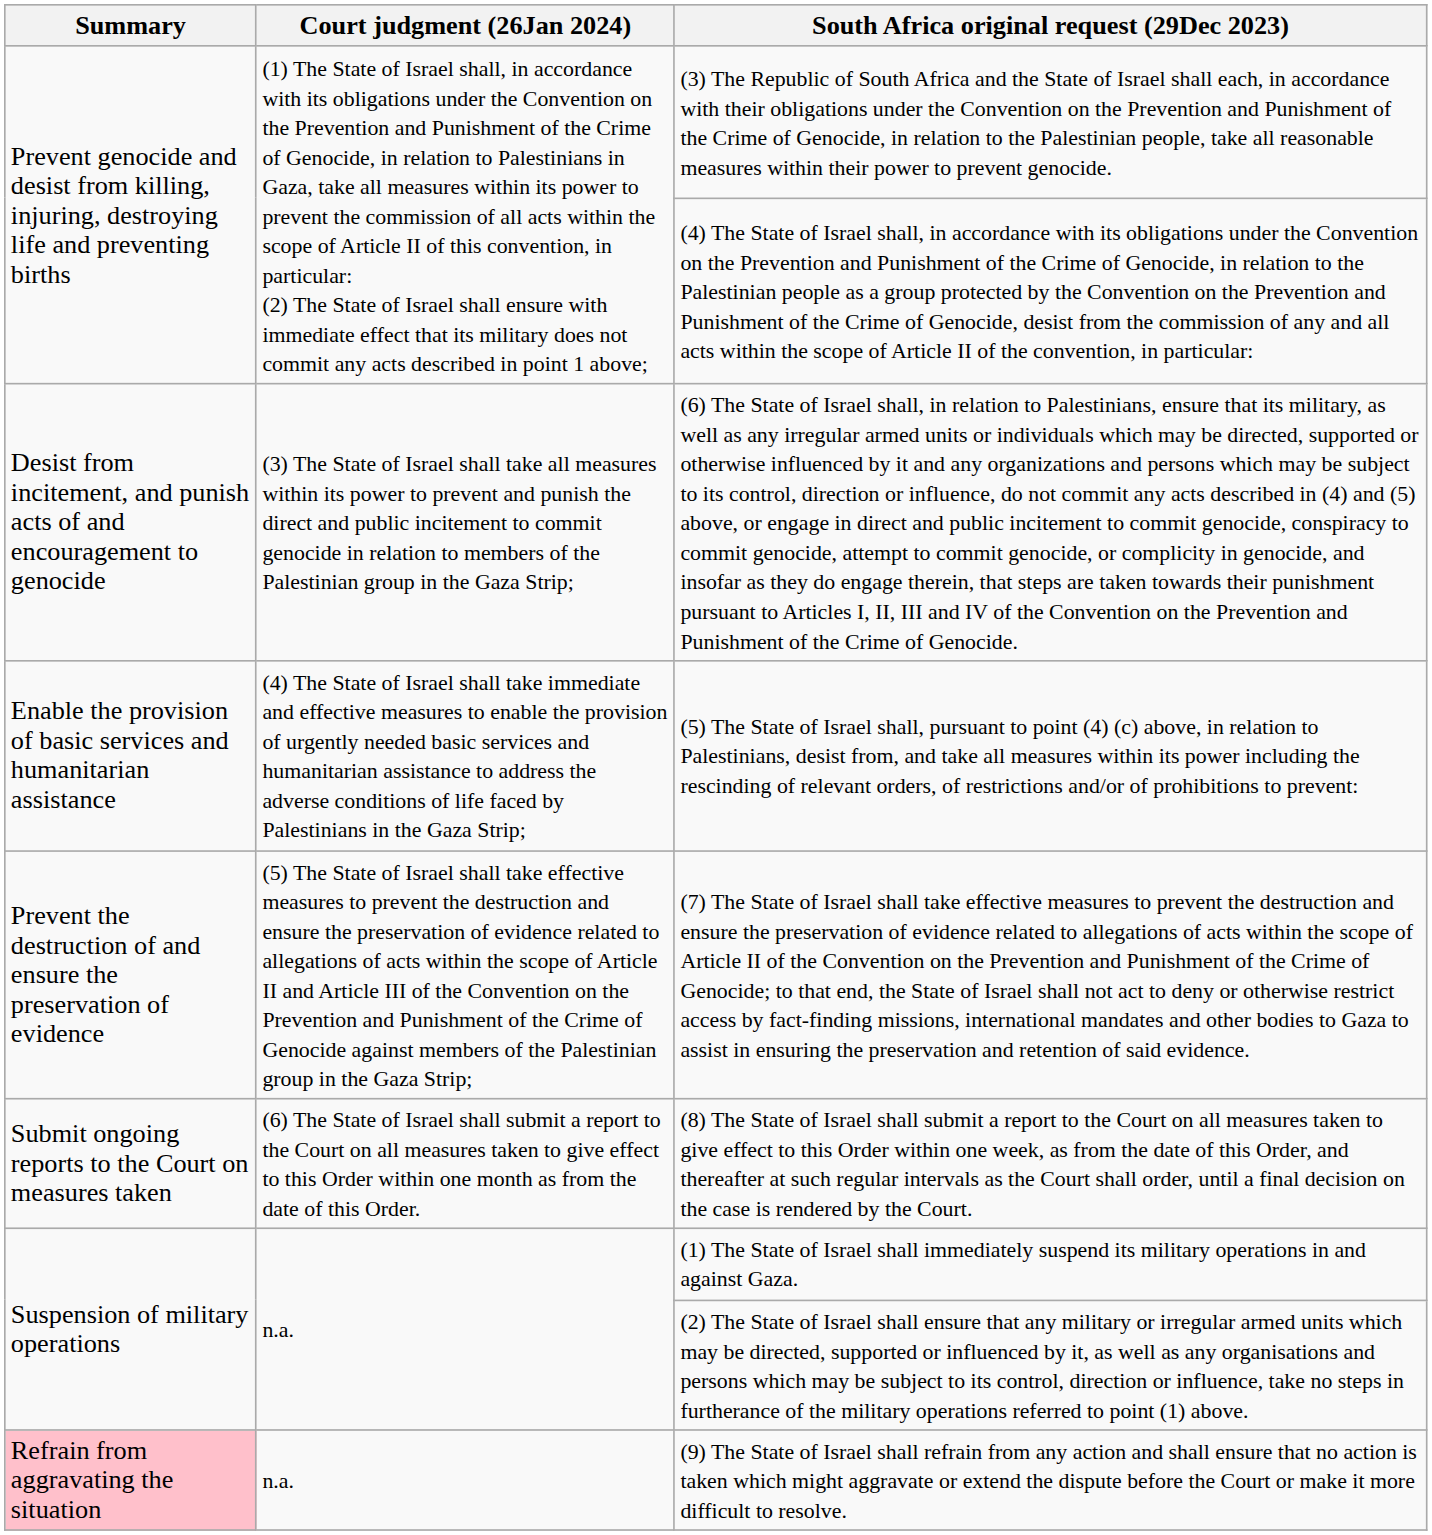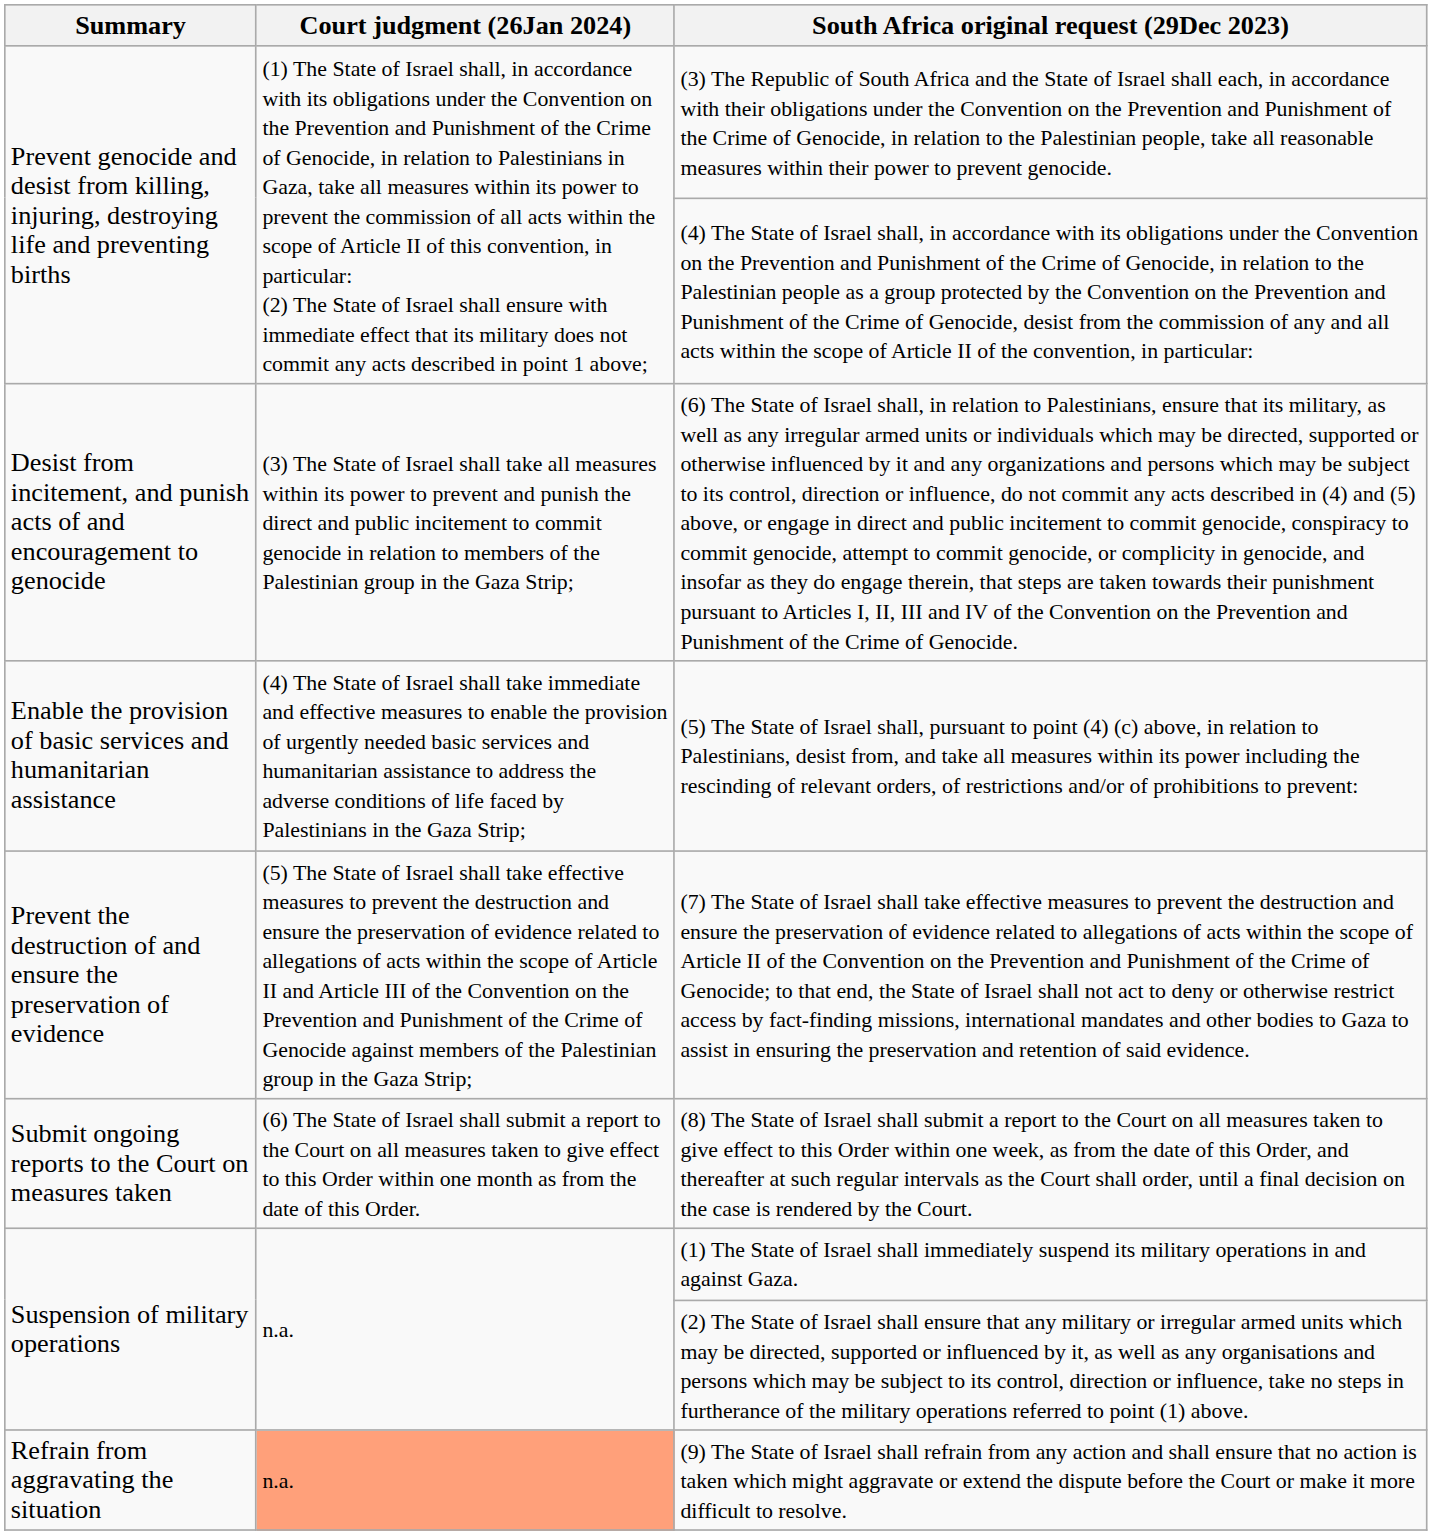 <table class="wikitable collapsible">
 <tr>
 <th>Summary</th>
 <th>Court judgment (26Jan 2024)</th>
 <th>South Africa original request (29Dec 2023)</th>
 </tr>
 <tr>
 <td rowspan="2">Prevent genocide and desist from killing, injuring, destroying life and preventing births</td>
 <td rowspan="2"><small> (1) The State of Israel shall, in accordance with its obligations under the Convention on the Prevention and Punishment of the Crime of Genocide, in relation to Palestinians in Gaza, take all measures within its power to prevent the commission of all acts within the scope of Article II of this convention, in particular:<br> (2) The State of Israel shall ensure with immediate effect that its military does not commit any acts described in point 1 above;</small></td>
 <td><small> (3) The Republic of South Africa and the State of Israel shall each, in accordance with their obligations under the Convention on the Prevention and Punishment of the Crime of Genocide, in relation to the Palestinian people, take all reasonable measures within their power to prevent genocide.</small></td>
 </tr>
 <tr>
 <td><small> (4) The State of Israel shall, in accordance with its obligations under the Convention on the Prevention and Punishment of the Crime of Genocide, in relation to the Palestinian people as a group protected by the Convention on the Prevention and Punishment of the Crime of Genocide, desist from the commission of any and all acts within the scope of Article II of the convention, in particular: </small></td>
 </tr>
 <tr>
 <td>Desist from incitement, and punish acts of and encouragement to genocide</td>
 <td><small> (3) The State of Israel shall take all measures within its power to prevent and punish the direct and public incitement to commit genocide in relation to members of the Palestinian group in the Gaza Strip;</small></td>
 <td><small> (6) The State of Israel shall, in relation to Palestinians, ensure that its military, as well as any irregular armed units or individuals which may be directed, supported or otherwise influenced by it and any organizations and persons which may be subject to its control, direction or influence, do not commit any acts described in (4) and (5) above, or engage in direct and public incitement to commit genocide, conspiracy to commit genocide, attempt to commit genocide, or complicity in genocide, and insofar as they do engage therein, that steps are taken towards their punishment pursuant to Articles I, II, III and IV of the Convention on the Prevention and Punishment of the Crime of Genocide.</small></td>
 </tr>
 <tr>
 <td>Enable the provision of basic services and humanitarian assistance</td>
 <td><small> (4) The State of Israel shall take immediate and effective measures to enable the provision of urgently needed basic services and humanitarian assistance to address the adverse conditions of life faced by Palestinians in the Gaza Strip;</small></td>
 <td><small> (5) The State of Israel shall, pursuant to point (4) (c) above, in relation to Palestinians, desist from, and take all measures within its power including the rescinding of relevant orders, of restrictions and/or of prohibitions to prevent: </small></td>
 </tr>
 <tr>
 <td>Prevent the destruction of and ensure the preservation of evidence</td>
 <td><small> (5) The State of Israel shall take effective measures to prevent the destruction and ensure the preservation of evidence related to allegations of acts within the scope of Article II and Article III of the Convention on the Prevention and Punishment of the Crime of Genocide against members of the Palestinian group in the Gaza Strip;</small></td>
 <td><small> (7) The State of Israel shall take effective measures to prevent the destruction and ensure the preservation of evidence related to allegations of acts within the scope of Article II of the Convention on the Prevention and Punishment of the Crime of Genocide; to that end, the State of Israel shall not act to deny or otherwise restrict access by fact-finding missions, international mandates and other bodies to Gaza to assist in ensuring the preservation and retention of said evidence.</small></td>
 </tr>
 <tr>
 <td>Submit ongoing reports to the Court on measures taken</td>
 <td><small> (6) The State of Israel shall submit a report to the Court on all measures taken to give effect to this Order within one month as from the date of this Order.</small></td>
 <td><small> (8) The State of Israel shall submit a report to the Court on all measures taken to give effect to this Order within one week, as from the date of this Order, and thereafter at such regular intervals as the Court shall order, until a final decision on the case is rendered by the Court.</small></td>
 </tr>
 <tr>
 <td rowspan="2">Suspension of military operations</td>
 <td rowspan="2"><small>n.a.</small></td>
 <td><small> (1) The State of Israel shall immediately suspend its military operations in and against Gaza.</small></td>
 </tr>
 <tr>
 <td><small> (2) The State of Israel shall ensure that any military or irregular armed units which may be directed, supported or influenced by it, as well as any organisations and persons which may be subject to its control, direction or influence, take no steps in furtherance of the military operations referred to point (1) above.</small></td>
 </tr>
 <tr>
-<td style="background: pink;">Refrain from aggravating the situation</td>
-<td><small>n.a.</small></td>
+<td>Refrain from aggravating the situation</td>
+<td style="background: lightsalmon;"><small>n.a.</small></td>
 <td><small> (9) The State of Israel shall refrain from any action and shall ensure that no action is taken which might aggravate or extend the dispute before the Court or make it more difficult to resolve.</small></td>
 </tr>
 </table>
